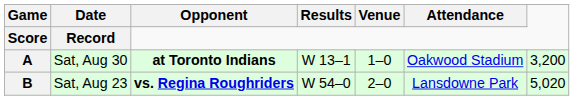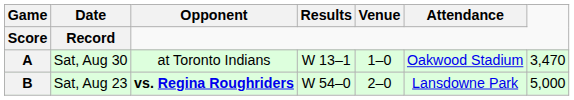 <table class="wikitable" style="text-align:center">
 <tr>
 <th>Game</th>
 <th>Date</th>
 <th>Opponent</th>
 <th>Results</th>
 <th>Venue</th>
 <th>Attendance</th>
 </tr>
 <tr>
 <th>Score</th>
 <th>Record</th>
 </tr>
 <tr style="background:#ddffdd">
 <th>A</th>
 <td>Sat, Aug 30</td>
-<td><strong>at Toronto Indians</strong></td>
+<td>at Toronto Indians</td>
 <td>W 13–1</td>
 <td>1–0</td>
 <td><a href='#'>Oakwood Stadium</a></td>
-<td>3,200</td>
+<td>3,470</td>
 </tr>
 <tr style="background:#ddffdd">
 <th>B</th>
 <td>Sat, Aug 23</td>
 <td><strong>vs. <a href='#'>Regina Roughriders</a></strong></td>
 <td>W 54–0</td>
 <td>2–0</td>
 <td><a href='#'>Lansdowne Park</a></td>
-<td>5,020</td>
+<td>5,000</td>
 </tr>
 </table>
